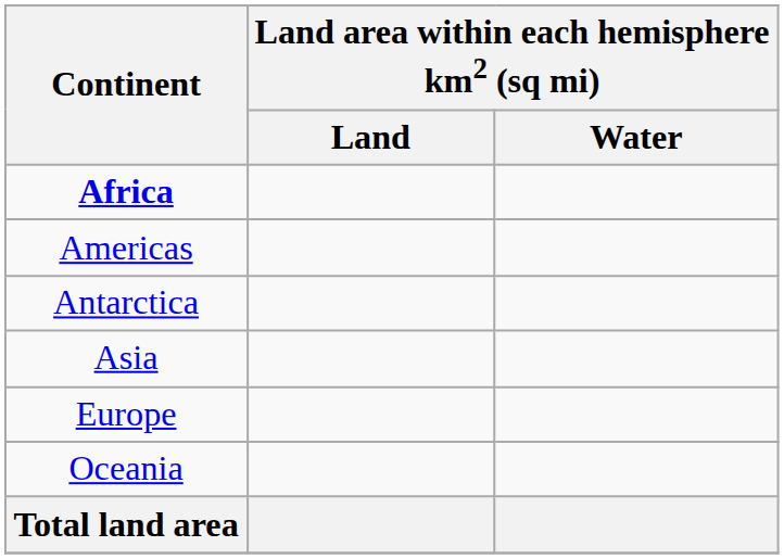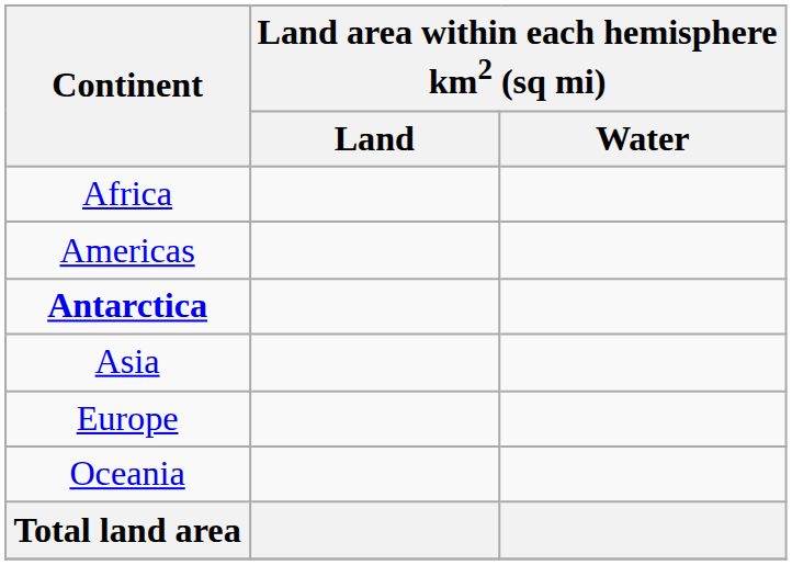 <table class="wikitable" style="text-align:center">
 <tr>
 <th rowspan=2>Continent</th>
 <th colspan=2>Land area within each hemisphere<br>km<sup>2</sup> (sq mi)</th>
 </tr>
 <tr>
 <th>Land</th>
 <th>Water</th>
 </tr>
 <tr>
-<td><strong><a href='#'>Africa</a></strong></td>
+<td><a href='#'>Africa</a></td>
 <td></td>
 <td></td>
 </tr>
 <tr>
 <td><a href='#'>Americas</a></td>
 <td></td>
 <td></td>
 </tr>
 <tr>
-<td><a href='#'>Antarctica</a></td>
+<td><strong><a href='#'>Antarctica</a></strong></td>
 <td></td>
 <td></td>
 </tr>
 <tr>
 <td><a href='#'>Asia</a></td>
 <td></td>
 <td></td>
 </tr>
 <tr>
 <td><a href='#'>Europe</a></td>
 <td></td>
 <td></td>
 </tr>
 <tr>
 <td><a href='#'>Oceania</a></td>
 <td></td>
 <td></td>
 </tr>
 <tr>
 <th>Total land area</th>
 <th></th>
 <th></th>
 </tr>
 <tr>
 </tr>
 </table>
